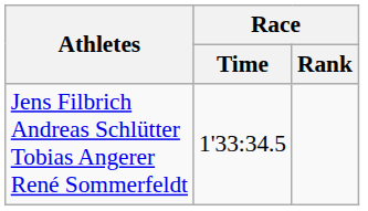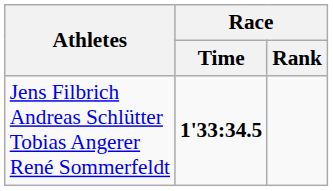 <table class="wikitable" border="1" style="font-size:90%">
 <tr>
 <th rowspan=2>Athletes</th>
 <th colspan=2>Race</th>
 </tr>
 <tr>
 <th>Time</th>
 <th>Rank</th>
 </tr>
 <tr>
 <td><a href='#'>Jens Filbrich</a><br><a href='#'>Andreas Schlütter</a><br><a href='#'>Tobias Angerer</a><br><a href='#'>René Sommerfeldt</a></td>
-<td align=center>1'33:34.5</td>
+<td align=center><strong>1'33:34.5</strong></td>
 <td align=center></td>
 </tr>
 </table>
